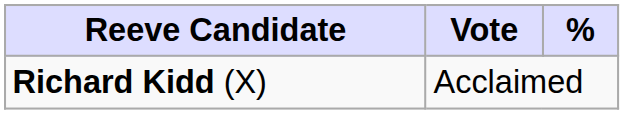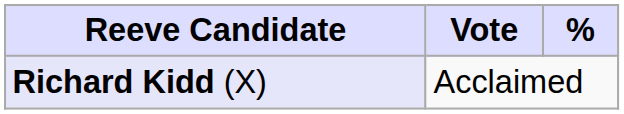 <table class="wikitable">
 <tr>
 <th style="background:#ddf; width:200px;">Reeve Candidate</th>
 <th style="background:#ddf; width:50px;">Vote</th>
 <th style="background:#ddf; width:30px;">%</th>
 </tr>
 <tr>
-<td><strong>Richard Kidd</strong> (X)</td>
+<td style="background: lavender;"><strong>Richard Kidd</strong> (X)</td>
 <td colspan="2">Acclaimed</td>
 </tr>
 </table>
